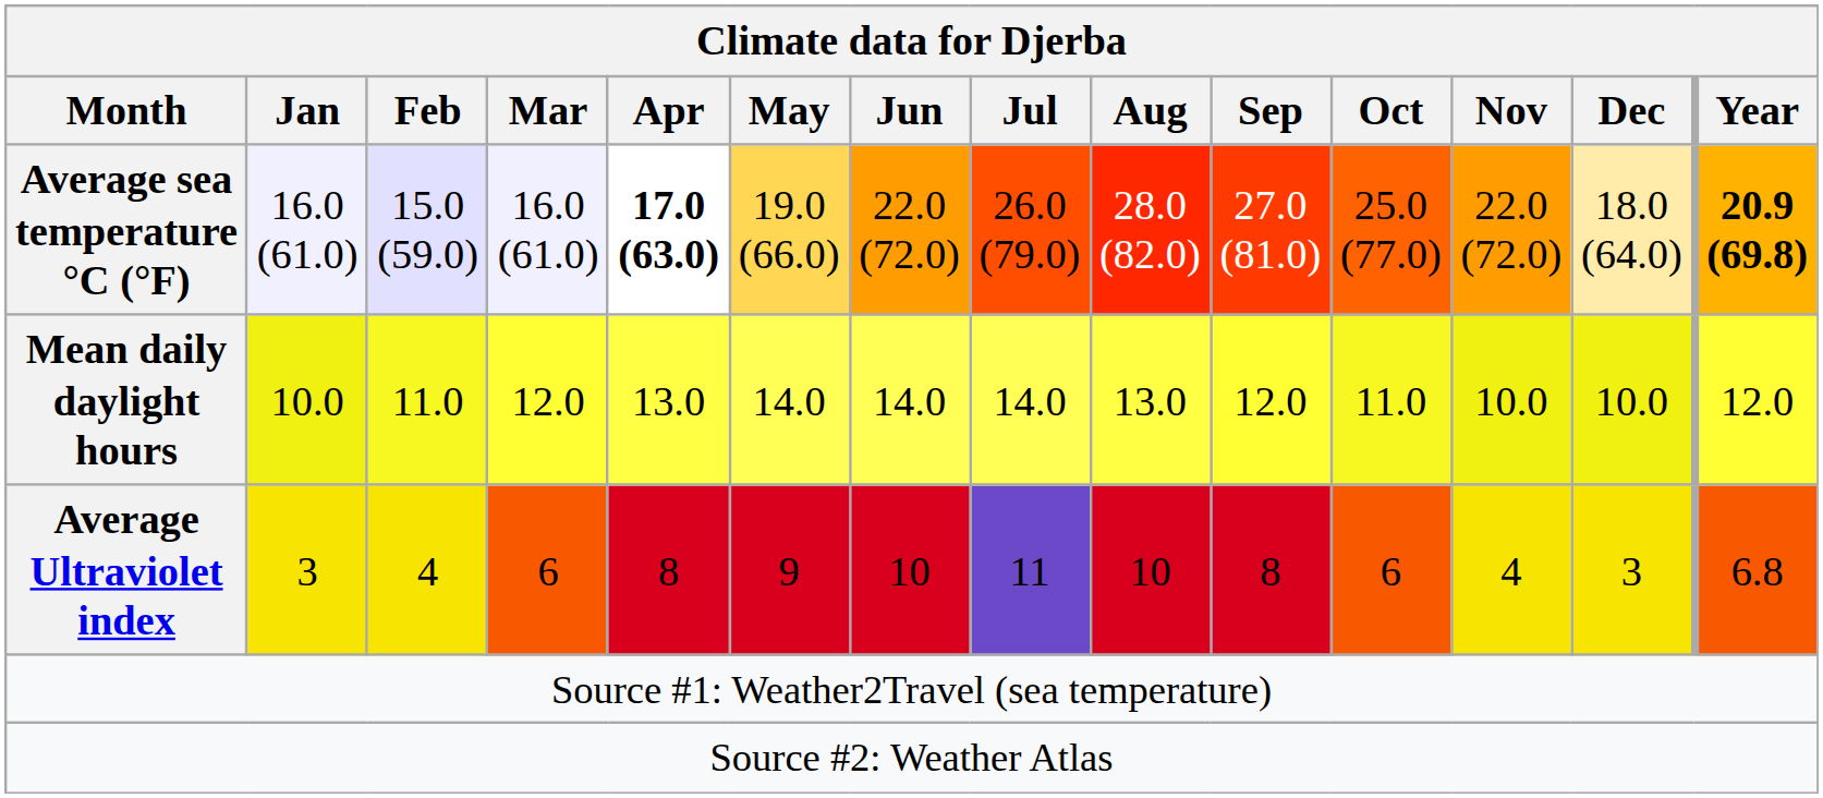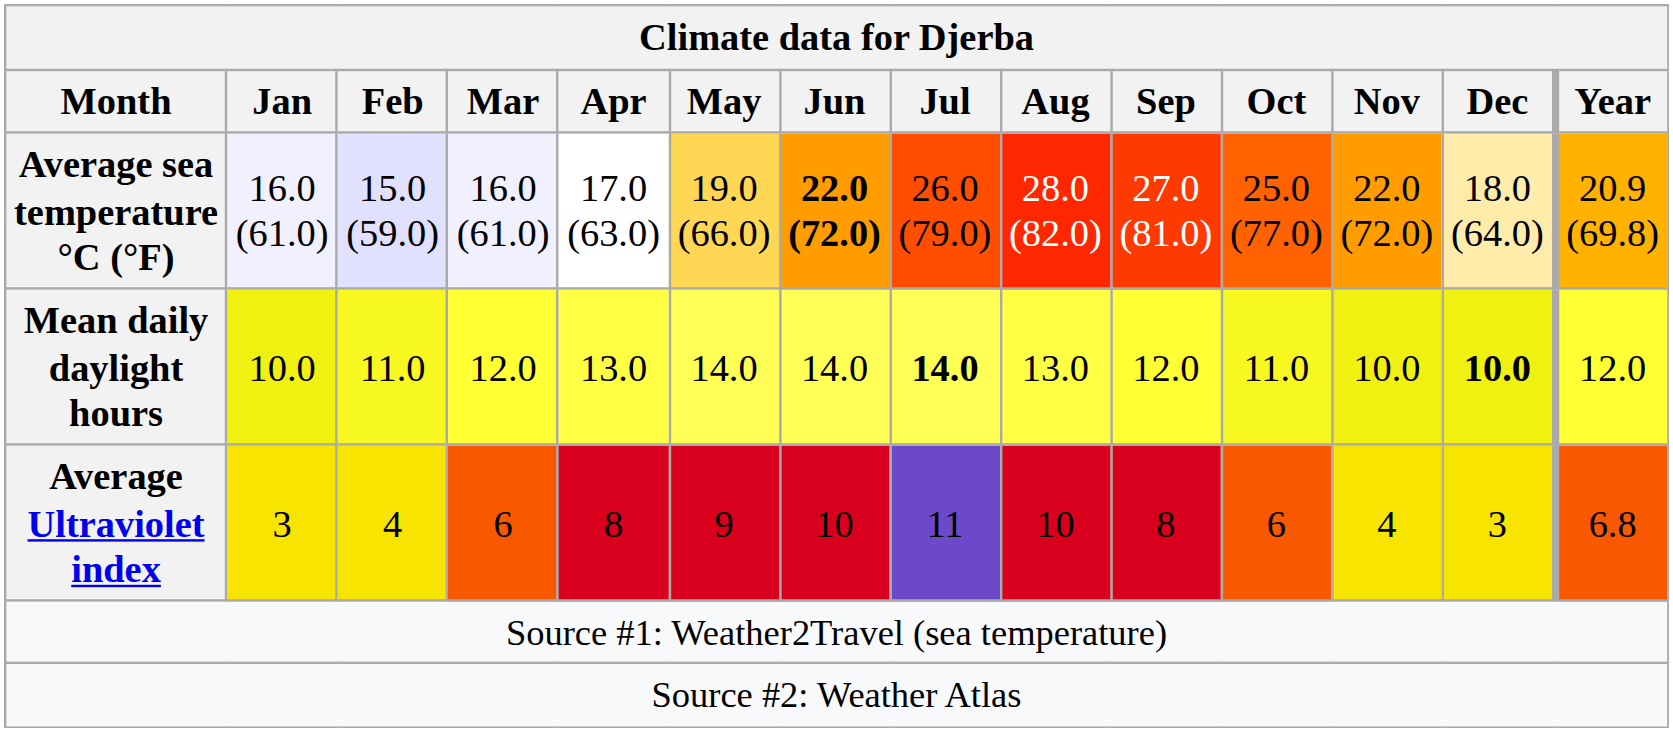 <table style="width:100%;text-align:center;line-height:1.2em;margin-left:auto;margin-right:auto" class="wikitable mw-collapsible">
 <tr>
 <th Colspan=14>Climate data for Djerba</th>
 </tr>
 <tr>
 <th>Month</th>
 <th>Jan</th>
 <th>Feb</th>
 <th>Mar</th>
 <th>Apr</th>
 <th>May</th>
 <th>Jun</th>
 <th>Jul</th>
 <th>Aug</th>
 <th>Sep</th>
 <th>Oct</th>
 <th>Nov</th>
 <th>Dec</th>
 <th style="border-left-width:medium">Year</th>
 </tr>
 <tr>
 <th>Average sea temperature °C (°F)</th>
 <td style="background:#F0F0FF;color:#000000;">16.0<br>(61.0)</td>
 <td style="background:#E1E1FF;color:#000000;">15.0<br>(59.0)</td>
 <td style="background:#F0F0FF;color:#000000;">16.0<br>(61.0)</td>
-<td style="background:#FFFFFF;color:#000000;"><strong>17.0<br>(63.0)</strong></td>
+<td style="background:#FFFFFF;color:#000000;">17.0<br>(63.0)</td>
 <td style="background:#FFD755;color:#000000;">19.0<br>(66.0)</td>
-<td style="background:#FF9C00;color:#000000;">22.0<br>(72.0)</td>
+<td style="background:#FF9C00;color:#000000;"><strong>22.0<br>(72.0)</strong></td>
 <td style="background:#FF4E00;color:#000000;">26.0<br>(79.0)</td>
 <td style="background:#FF2700;color:#FFFFFF;">28.0<br>(82.0)</td>
 <td style="background:#FF3A00;color:#FFFFFF;">27.0<br>(81.0)</td>
 <td style="background:#FF6200;color:#000000;">25.0<br>(77.0)</td>
 <td style="background:#FF9C00;color:#000000;">22.0<br>(72.0)</td>
 <td style="background:#FFEBAA;color:#000000;">18.0<br>(64.0)</td>
-<td style="background:#FFB200;color:#000000;border-left-width:medium"><strong>20.9<br>(69.8)</strong></td>
+<td style="background:#FFB200;color:#000000;border-left-width:medium">20.9<br>(69.8)</td>
 </tr>
 <tr>
 <th>Mean daily daylight hours</th>
 <td style="background:#F0F011;color:#000000;">10.0</td>
 <td style="background:#F7F722;color:#000000;">11.0</td>
 <td style="background:#FFFF33;color:#000000;">12.0</td>
 <td style="background:#FFFF44;color:#000000;">13.0</td>
 <td style="background:#FFFF55;color:#000000;">14.0</td>
 <td style="background:#FFFF55;color:#000000;">14.0</td>
-<td style="background:#FFFF55;color:#000000;">14.0</td>
+<td style="background:#FFFF55;color:#000000;"><strong>14.0</strong></td>
 <td style="background:#FFFF44;color:#000000;">13.0</td>
 <td style="background:#FFFF33;color:#000000;">12.0</td>
 <td style="background:#F7F722;color:#000000;">11.0</td>
 <td style="background:#F0F011;color:#000000;">10.0</td>
-<td style="background:#F0F011;color:#000000;">10.0</td>
+<td style="background:#F0F011;color:#000000;"><strong>10.0</strong></td>
 <td style="background:#FFFF33;color:#000000;border-left-width:medium">12.0</td>
 </tr>
 <tr>
 <th>Average <a href='#'>Ultraviolet index</a></th>
 <td style="background:#f7e400;color:#000000;">3</td>
 <td style="background:#f7e400;color:#000000;">4</td>
 <td style="background:#f85900;color:#000000;">6</td>
 <td style="background:#d8001d;color:#000000;">8</td>
 <td style="background:#d8001d;color:#000000;">9</td>
 <td style="background:#d8001d;color:#000000;">10</td>
 <td style="background:#6b49c8;color:#000000;">11</td>
 <td style="background:#d8001d;color:#000000;">10</td>
 <td style="background:#d8001d;color:#000000;">8</td>
 <td style="background:#f85900;color:#000000;">6</td>
 <td style="background:#f7e400;color:#000000;">4</td>
 <td style="background:#f7e400;color:#000000;">3</td>
 <td style="background:#f85900;color:#000000;border-left-width:medium">6.8</td>
 </tr>
 <tr>
 <th Colspan=14 style="background:#f8f9fa;font-weight:normal;font-size:95%;">Source #1: Weather2Travel (sea temperature) </th>
 </tr>
 <tr>
 <th Colspan=14 style="background:#f8f9fa;font-weight:normal;font-size:95%;">Source #2: Weather Atlas </th>
 </tr>
 </table>
